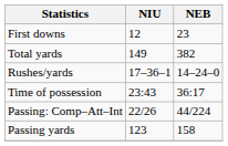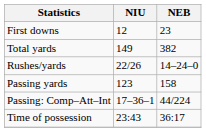 <table class="wikitable" style="float: left;">
 <tr>
 <th>Statistics</th>
 <th>NIU</th>
 <th>NEB</th>
 </tr>
 <tr>
 <td>First downs</td>
 <td>12</td>
 <td>23</td>
 </tr>
 <tr>
 <td>Total yards</td>
 <td>149</td>
 <td>382</td>
 </tr>
 <tr>
 <td>Rushes/yards</td>
+<td>22/26</td>
+<td>14–24–0</td>
+</tr>
+<tr>
+<td>Passing yards</td>
+<td>123</td>
+<td>158</td>
+</tr>
+<tr>
+<td>Passing: Comp–Att–Int</td>
 <td>17–36–1</td>
-<td>14–24–0</td>
+<td>44/224</td>
 </tr>
 <tr>
 <td>Time of possession</td>
 <td>23:43</td>
 <td>36:17</td>
 </tr>
 <tr>
-<td>Passing: Comp–Att–Int</td>
-<td>22/26</td>
-<td>44/224</td>
-</tr>
-<tr>
-<td>Passing yards</td>
-<td>123</td>
-<td>158</td>
-</tr>
-<tr>
 </tr>
 </table>
